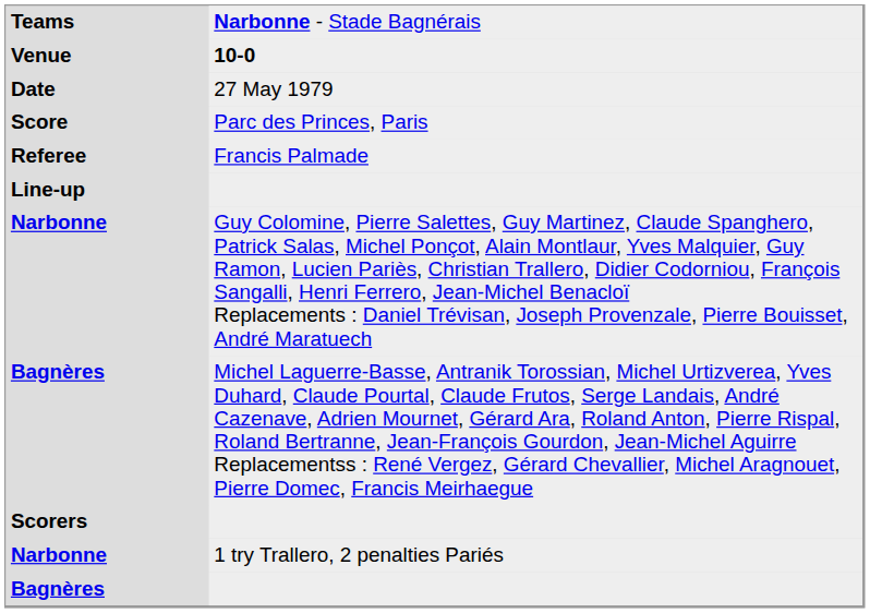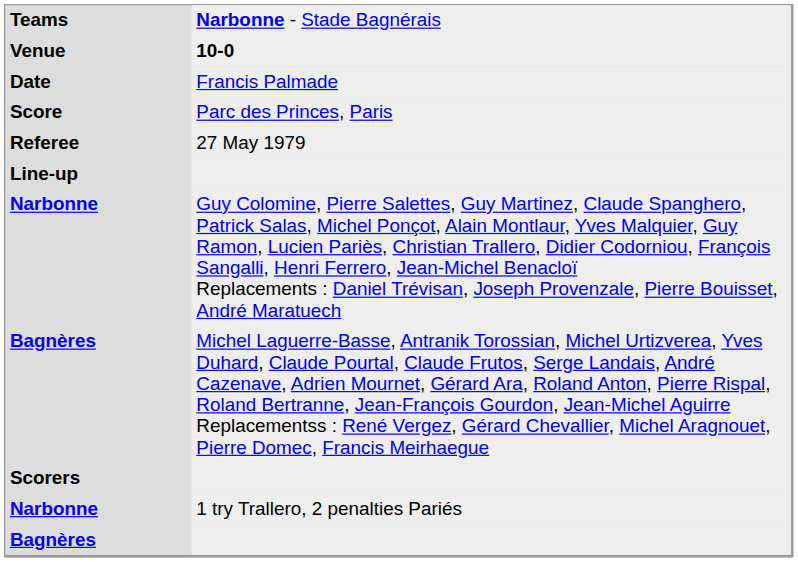 <table align="left" cellpadding="4" cellspacing="0"  style="margin: 0 0 0 0; border: 1px solid #999; border-right-width: 2px; border-bottom-width: 2px; background-color: #DDDDDD">
 <tr>
 <td width="150" valign="top"><strong>Teams</strong></td>
 <td width="500" bgcolor=#EEEEEE><strong><a href='#'>Narbonne</a> </strong> - <a href='#'>Stade Bagnérais</a></td>
 </tr>
 <tr>
 <td valign="top"><strong>Venue</strong></td>
 <td bgcolor=#EEEEEE><strong>10-0</strong></td>
 </tr>
 <tr>
 <td valign="top"><strong>Date</strong></td>
-<td bgcolor=#EEEEEE>27 May 1979</td>
+<td bgcolor=#EEEEEE><a href='#'>Francis Palmade</a></td>
 </tr>
 <tr>
 <td valign="top"><strong>Score</strong></td>
 <td bgcolor=#EEEEEE><a href='#'>Parc des Princes</a>, <a href='#'>Paris</a></td>
 </tr>
 <tr>
 <td valign="top"><strong>Referee</strong></td>
-<td bgcolor=#EEEEEE><a href='#'>Francis Palmade</a></td>
+<td bgcolor=#EEEEEE>27 May 1979</td>
 </tr>
 <tr>
 <td valign="top"><strong>Line-up</strong></td>
 <td bgcolor=#EEEEEE></td>
 </tr>
 <tr>
 <td valign="top"><strong><a href='#'>Narbonne</a> </strong></td>
 <td bgcolor=#EEEEEE><a href='#'>Guy Colomine</a>, <a href='#'>Pierre Salettes</a>, <a href='#'>Guy Martinez</a>, <a href='#'>Claude Spanghero</a>, <a href='#'>Patrick Salas</a>, <a href='#'>Michel Ponçot</a>, <a href='#'>Alain Montlaur</a>, <a href='#'>Yves Malquier</a>, <a href='#'>Guy Ramon</a>, <a href='#'>Lucien Pariès</a>, <a href='#'>Christian Trallero</a>, <a href='#'>Didier Codorniou</a>, <a href='#'>François Sangalli</a>, <a href='#'>Henri Ferrero</a>, <a href='#'>Jean-Michel Benacloï</a><br>Replacements : <a href='#'>Daniel Trévisan</a>, <a href='#'>Joseph Provenzale</a>, <a href='#'>Pierre Bouisset</a>, <a href='#'>André Maratuech</a></td>
 </tr>
 <tr>
 <td valign="top"><strong><a href='#'>Bagnères</a> </strong></td>
 <td bgcolor=#EEEEEE><a href='#'>Michel Laguerre-Basse</a>, <a href='#'>Antranik Torossian</a>, <a href='#'>Michel Urtizverea</a>, <a href='#'>Yves Duhard</a>, <a href='#'>Claude Pourtal</a>, <a href='#'>Claude Frutos</a>, <a href='#'>Serge Landais</a>, <a href='#'>André Cazenave</a>, <a href='#'>Adrien Mournet</a>, <a href='#'>Gérard Ara</a>, <a href='#'>Roland Anton</a>, <a href='#'>Pierre Rispal</a>, <a href='#'>Roland Bertranne</a>, <a href='#'>Jean-François Gourdon</a>, <a href='#'>Jean-Michel Aguirre</a><br>Replacementss : <a href='#'>René Vergez</a>, <a href='#'>Gérard Chevallier</a>, <a href='#'>Michel Aragnouet</a>, <a href='#'>Pierre Domec</a>, <a href='#'>Francis Meirhaegue</a></td>
 </tr>
 <tr>
 <td valign="top"><strong>Scorers</strong></td>
 <td bgcolor=#EEEEEE></td>
 </tr>
 <tr>
 <td valign="top"><strong> <a href='#'>Narbonne</a> </strong></td>
 <td bgcolor=#EEEEEE>1 try Trallero, 2 penalties  Pariés</td>
 </tr>
 <tr>
 <td valign="top"><strong><a href='#'>Bagnères</a></strong></td>
 <td bgcolor=#EEEEEE></td>
 </tr>
 </table>
